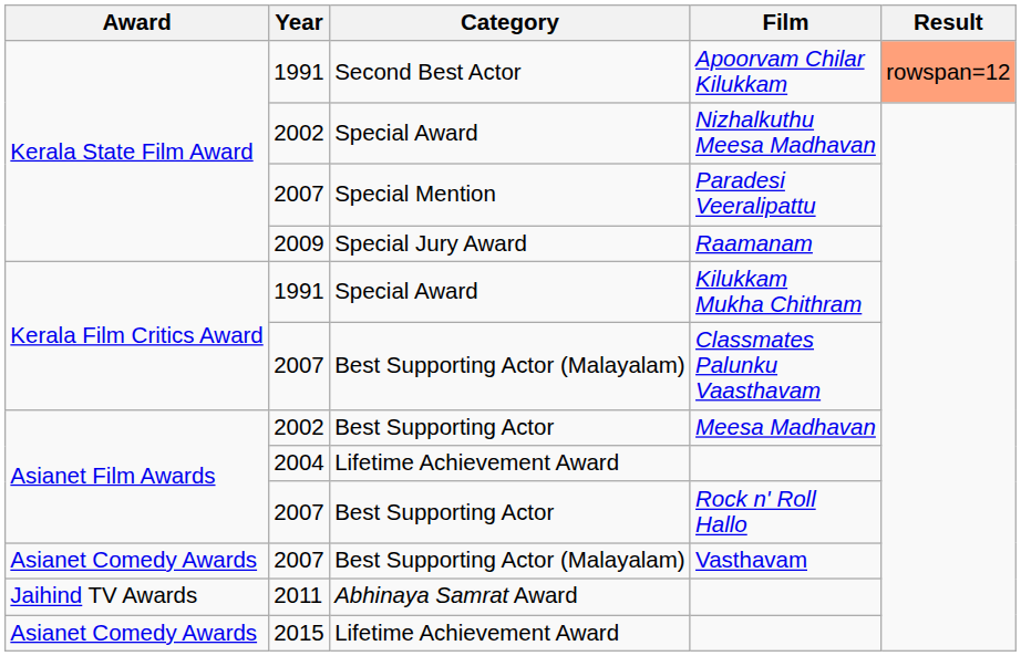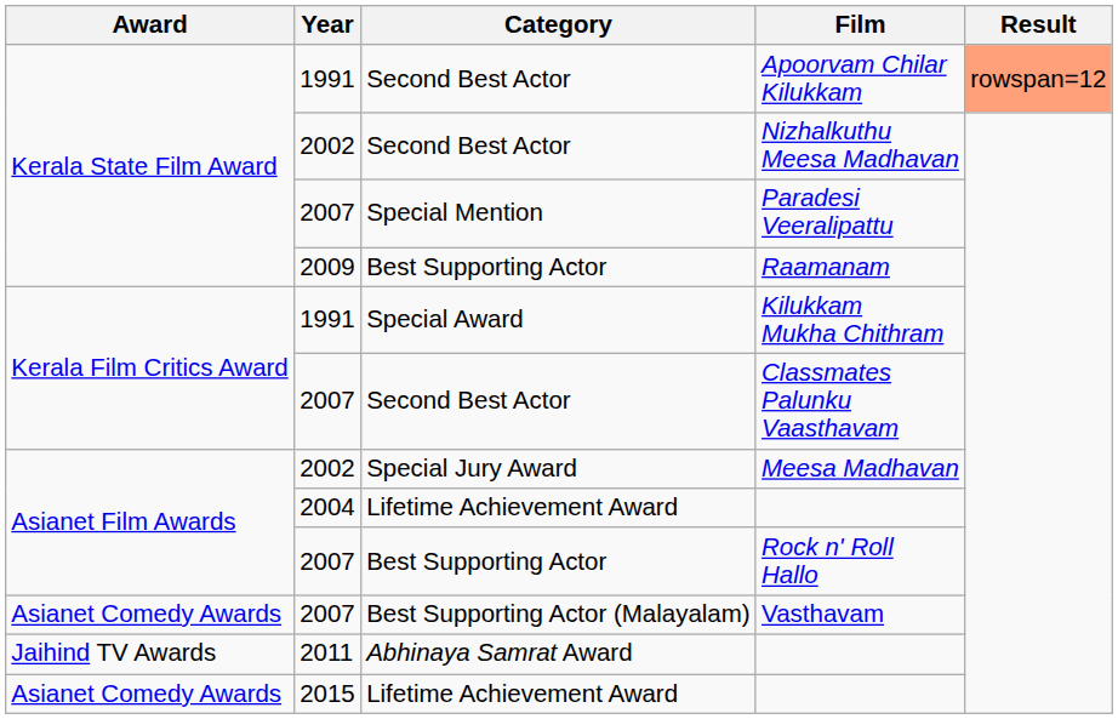 <table class="wikitable sortable">
 <tr>
 <th>Award</th>
 <th>Year</th>
 <th>Category</th>
 <th>Film</th>
 <th>Result</th>
 </tr>
 <tr>
 <td rowspan=4><a href='#'>Kerala State Film Award</a></td>
 <td>1991</td>
 <td>Second Best Actor</td>
 <td><em><a href='#'>Apoorvam Chilar</a></em><br><em><a href='#'>Kilukkam</a></em></td>
 <td style="background: lightsalmon;">rowspan=12 </td>
 </tr>
 <tr>
 <td>2002</td>
-<td>Special Award</td>
+<td>Second Best Actor</td>
 <td><em><a href='#'>Nizhalkuthu</a></em><br><em><a href='#'>Meesa Madhavan</a></em></td>
 </tr>
 <tr>
 <td>2007</td>
 <td>Special Mention</td>
 <td><em><a href='#'>Paradesi</a></em><br><em><a href='#'>Veeralipattu</a></em></td>
 </tr>
 <tr>
 <td>2009</td>
-<td>Special Jury Award</td>
+<td>Best Supporting Actor</td>
 <td><em><a href='#'>Raamanam</a></em></td>
 </tr>
 <tr>
 <td rowspan=2><a href='#'>Kerala Film Critics Award</a></td>
 <td>1991</td>
 <td>Special Award</td>
 <td><em><a href='#'>Kilukkam</a></em><br><em><a href='#'>Mukha Chithram</a></em></td>
 </tr>
 <tr>
 <td>2007</td>
-<td>Best Supporting Actor (Malayalam)</td>
+<td>Second Best Actor</td>
 <td><em><a href='#'>Classmates</a></em><br><em><a href='#'>Palunku</a></em><br><em><a href='#'>Vaasthavam</a></em></td>
 </tr>
 <tr>
 <td rowspan=3><a href='#'>Asianet Film Awards</a></td>
 <td>2002</td>
-<td>Best Supporting Actor</td>
+<td>Special Jury Award</td>
 <td><em><a href='#'>Meesa Madhavan</a></em></td>
 </tr>
 <tr>
 <td>2004</td>
 <td>Lifetime Achievement Award</td>
 <td></td>
 </tr>
 <tr>
 <td>2007</td>
 <td>Best Supporting Actor</td>
 <td><em><a href='#'>Rock n' Roll</a></em><br><em><a href='#'>Hallo</a></em></td>
 </tr>
 <tr>
 <td><a href='#'>Asianet Comedy Awards</a></td>
 <td>2007</td>
 <td>Best Supporting Actor (Malayalam)</td>
 <td><a href='#'>Vasthavam</a></td>
 </tr>
 <tr>
 <td><a href='#'>Jaihind</a> TV Awards</td>
 <td>2011</td>
 <td><em>Abhinaya Samrat</em> Award</td>
 <td></td>
 </tr>
 <tr>
 <td><a href='#'>Asianet Comedy Awards</a></td>
 <td>2015</td>
 <td>Lifetime Achievement Award</td>
 <td></td>
 </tr>
 </table>
